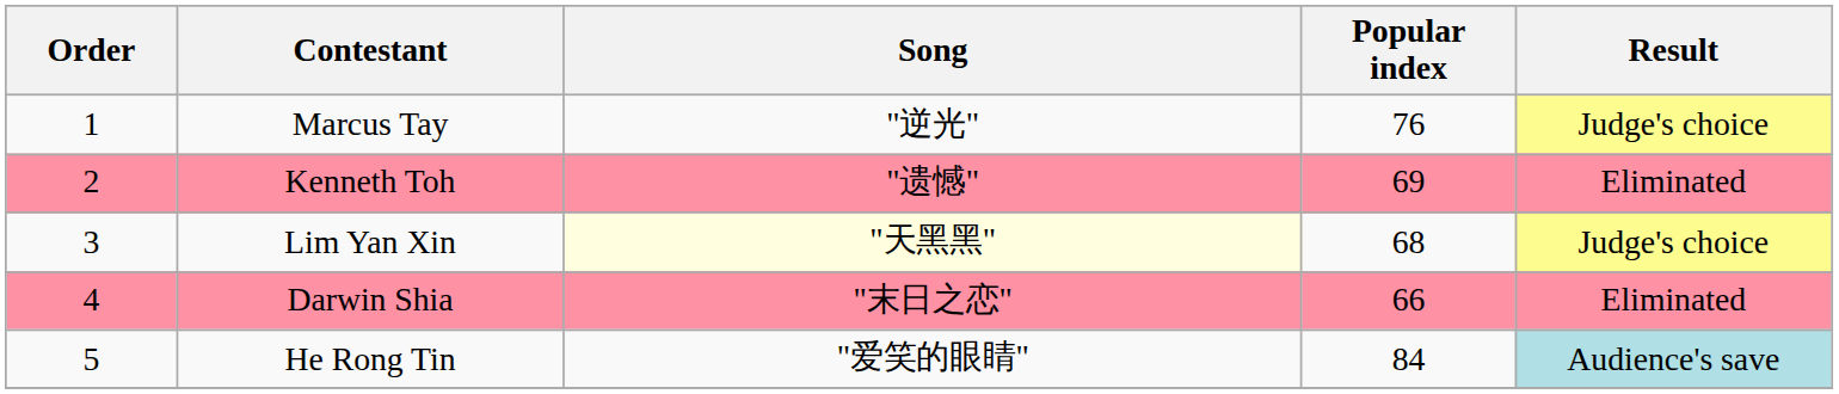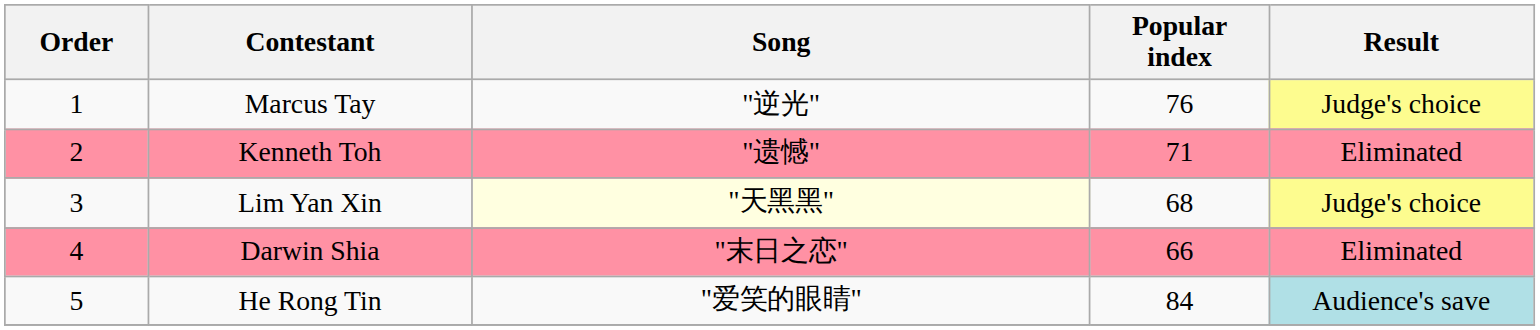 <table class="wikitable" style="text-align:center; width:70%;">
 <tr>
 <th scope="col" style="width:4%;">Order</th>
 <th scope="col" style="width:11%;">Contestant</th>
 <th scope="col" style="width:21%;">Song</th>
 <th scope="col" style="width:5%;">Popular index</th>
 <th scope="col" style="width:9%;">Result</th>
 </tr>
 <tr>
 <td>1</td>
 <td>Marcus Tay</td>
 <td>"逆光"</td>
 <td>76</td>
 <td style="background:#fdfc8f;">Judge's choice</td>
 </tr>
 <tr style="background:#FF91A4;">
 <td>2</td>
 <td>Kenneth Toh</td>
 <td>"遗憾"</td>
-<td>69</td>
+<td>71</td>
 <td style="background:#FF91A4;">Eliminated</td>
 </tr>
 <tr>
 <td>3</td>
 <td>Lim Yan Xin</td>
 <td style="background: lightyellow;">"天黑黑"</td>
 <td>68</td>
 <td style="background:#fdfc8f;">Judge's choice</td>
 </tr>
 <tr style="background:#FF91A4;">
 <td>4</td>
 <td>Darwin Shia</td>
 <td>"末日之恋"</td>
 <td>66</td>
 <td style="background:#FF91A4;">Eliminated</td>
 </tr>
 <tr>
 <td>5</td>
 <td>He Rong Tin</td>
 <td>"爱笑的眼睛"</td>
 <td>84</td>
 <td style="background:#B0E0E6;">Audience's save</td>
 </tr>
 <tr>
 </tr>
 </table>
